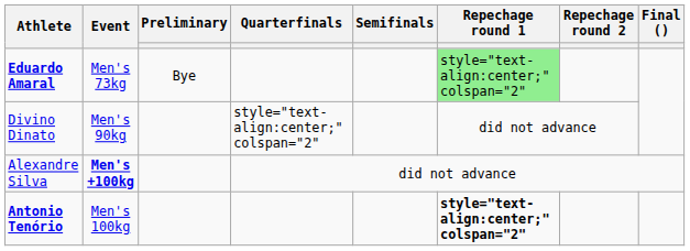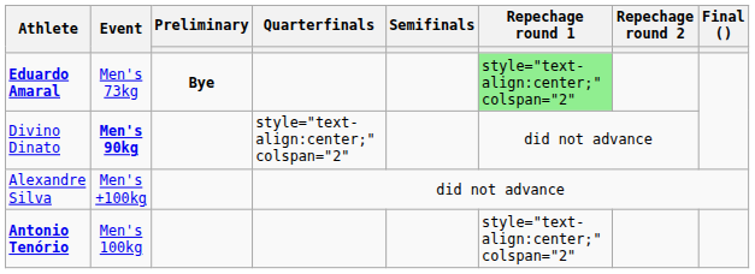 <table class=wikitable style="font-size:90%">
 <tr>
 <th rowspan="2">Athlete</th>
 <th rowspan="2">Event</th>
 <th>Preliminary</th>
 <th>Quarterfinals</th>
 <th>Semifinals</th>
 <th>Repechage round 1</th>
 <th>Repechage round 2</th>
 <th>Final ()</th>
 </tr>
 <tr>
 <th></th>
 <th></th>
 <th></th>
 <th></th>
 <th></th>
 <th></th>
 </tr>
 <tr>
 <td><strong><a href='#'>Eduardo Amaral</a></strong></td>
 <td style="text-align:center;"><a href='#'>Men's 73kg</a></td>
-<td style="text-align:center;">Bye</td>
+<td style="text-align:center;"><strong>Bye</strong></td>
 <td style="text-align:center;"> </td>
 <td style="text-align:center;"> </td>
 <td style="background: lightgreen;">style="text-align:center;" colspan="2" </td>
 <td style="text-align:center;">  </td>
 </tr>
 <tr>
 <td><a href='#'>Divino Dinato</a></td>
-<td style="text-align:center;"><a href='#'>Men's 90kg</a></td>
+<td style="text-align:center;"><strong><a href='#'>Men's 90kg</a></strong></td>
 <td style="text-align:center;"> </td>
 <td>style="text-align:center;" colspan="2" </td>
 <td style="text-align:center;"> </td>
 <td style="text-align:center;" colspan="2">did not advance</td>
 </tr>
 <tr>
 <td><a href='#'>Alexandre Silva</a></td>
-<td style="text-align:center;"><strong><a href='#'>Men's +100kg</a></strong></td>
+<td style="text-align:center;"><a href='#'>Men's +100kg</a></td>
 <td style="text-align:center;"> </td>
 <td style="text-align:center;" colspan="5">did not advance</td>
 </tr>
 <tr>
 <td><strong><a href='#'>Antonio Tenório</a></strong></td>
 <td style="text-align:center;"><a href='#'>Men's 100kg</a></td>
 <td style="text-align:center;"> </td>
 <td style="text-align:center;"> </td>
 <td style="text-align:center;"> </td>
-<td><strong>style="text-align:center;" colspan="2" </strong></td>
+<td>style="text-align:center;" colspan="2" </td>
 <td style="text-align:center;">  </td>
 </tr>
 </table>
